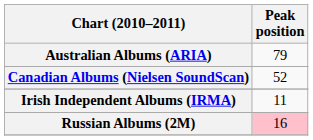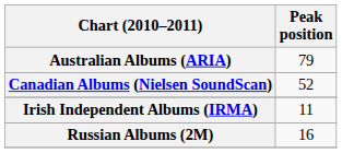 <table class="wikitable sortable plainrowheaders" style="text-align:center">
 <tr>
 <th scope="col">Chart (2010–2011)</th>
 <th scope="col">Peak<br>position</th>
 </tr>
 <tr>
 <th scope="row">Australian Albums (<a href='#'>ARIA</a>)</th>
 <td>79</td>
 </tr>
 <tr>
 </tr>
 <tr>
 </tr>
 <tr>
 </tr>
 <tr>
 <th scope="row"><a href='#'>Canadian Albums</a> (<a href='#'>Nielsen SoundScan</a>)</th>
 <td>52</td>
 </tr>
 <tr>
 </tr>
 <tr>
 </tr>
 <tr>
 </tr>
 <tr>
 </tr>
 <tr>
 <th scope="row">Irish Independent Albums (<a href='#'>IRMA</a>)</th>
 <td>11</td>
 </tr>
 <tr>
 </tr>
 <tr>
 </tr>
 <tr>
 <th scope="row">Russian Albums (2M)</th>
-<td style="background: pink;">16</td>
+<td>16</td>
 </tr>
 <tr>
 </tr>
 <tr>
 </tr>
 <tr>
 </tr>
 <tr>
 </tr>
 <tr>
 </tr>
 <tr>
 </tr>
 <tr>
 </tr>
 <tr>
 </tr>
 </table>
